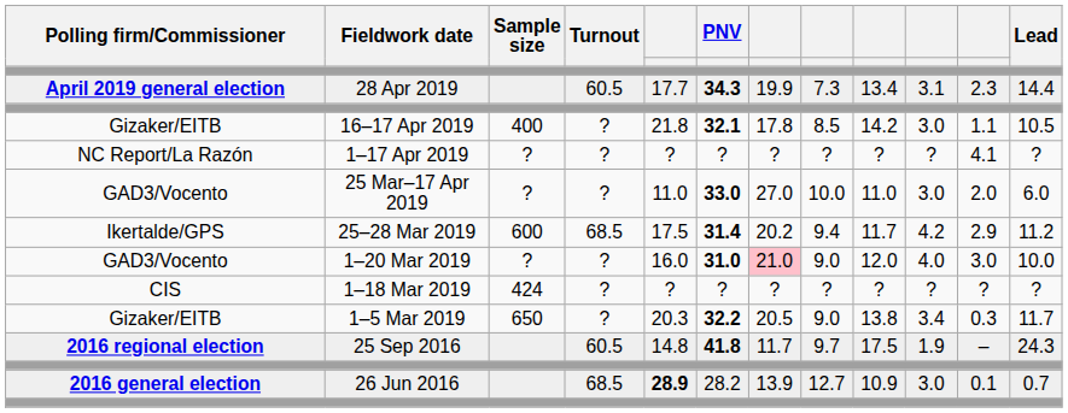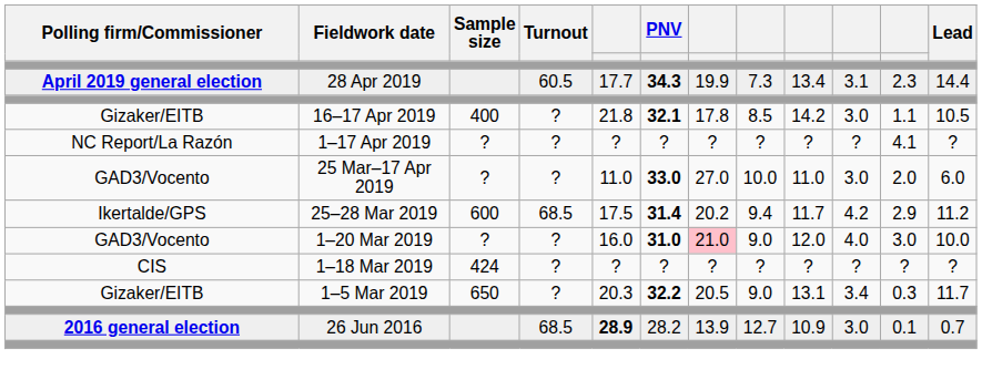 <table class="wikitable collapsible collapsed" style="text-align:center; font-size:95%; line-height:16px;">
 <tr style="height:42px;">
 <th style="width:250px;" rowspan="2">Polling firm/Commissioner</th>
 <th style="width:125px;" rowspan="2">Fieldwork date</th>
 <th style="width:50px;" rowspan="2">Sample size</th>
 <th style="width:45px;" rowspan="2">Turnout</th>
 <th style="width:35px;"></th>
 <th style="width:35px;"><a href='#'>PNV</a></th>
 <th style="width:35px;"></th>
 <th style="width:35px;"></th>
 <th style="width:35px;"></th>
 <th style="width:35px;"></th>
 <th style="width:35px;"></th>
 <th style="width:30px;" rowspan="2">Lead</th>
 </tr>
 <tr>
 <th style="color:inherit;background:"></th>
 <th style="color:inherit;background:"></th>
 <th style="color:inherit;background:"></th>
 <th style="color:inherit;background:"></th>
 <th style="color:inherit;background:"></th>
 <th style="color:inherit;background:"></th>
 <th style="color:inherit;background:"></th>
 </tr>
 <tr>
 <td colspan="12" style="background:#A0A0A0"></td>
 </tr>
 <tr style="background:#EFEFEF;">
 <td><strong><a href='#'>April 2019 general election</a></strong></td>
 <td>28 Apr 2019</td>
 <td></td>
 <td>60.5</td>
 <td>17.7<br></td>
 <td><strong>34.3</strong><br></td>
 <td>19.9<br></td>
 <td>7.3<br></td>
 <td>13.4<br></td>
 <td>3.1<br></td>
 <td>2.3<br></td>
 <td style="background:">14.4</td>
 </tr>
 <tr>
 <td colspan="12" style="background:#A0A0A0"></td>
 </tr>
 <tr>
 <td>Gizaker/EITB</td>
 <td>16–17 Apr 2019</td>
 <td>400</td>
 <td>?</td>
 <td>21.8<br></td>
 <td><strong>32.1</strong><br></td>
 <td>17.8<br></td>
 <td>8.5<br></td>
 <td>14.2<br></td>
 <td>3.0<br></td>
 <td>1.1<br></td>
 <td style="background:">10.5</td>
 </tr>
 <tr>
 <td>NC Report/La Razón</td>
 <td>1–17 Apr 2019</td>
 <td>?</td>
 <td>?</td>
 <td>?<br></td>
 <td>?<br></td>
 <td>?<br></td>
 <td>?<br></td>
 <td>?<br></td>
 <td>?<br></td>
 <td>4.1<br></td>
 <td style="background:">?</td>
 </tr>
 <tr>
 <td>GAD3/Vocento</td>
 <td>25 Mar–17 Apr 2019</td>
 <td>?</td>
 <td>?</td>
 <td>11.0<br></td>
 <td><strong>33.0</strong><br></td>
 <td>27.0<br></td>
 <td>10.0<br></td>
 <td>11.0<br></td>
 <td>3.0<br></td>
 <td>2.0<br></td>
 <td style="background:">6.0</td>
 </tr>
 <tr>
 <td>Ikertalde/GPS</td>
 <td>25–28 Mar 2019</td>
 <td>600</td>
 <td>68.5</td>
 <td>17.5<br></td>
 <td><strong>31.4</strong><br></td>
 <td>20.2<br></td>
 <td>9.4<br></td>
 <td>11.7<br></td>
 <td>4.2<br></td>
 <td>2.9<br></td>
 <td style="background:">11.2</td>
 </tr>
 <tr>
 <td>GAD3/Vocento</td>
 <td>1–20 Mar 2019</td>
 <td>?</td>
 <td>?</td>
 <td>16.0<br></td>
 <td><strong>31.0</strong><br></td>
 <td style="background: pink;">21.0<br></td>
 <td>9.0<br></td>
 <td>12.0<br></td>
 <td>4.0<br></td>
 <td>3.0<br></td>
 <td style="background:">10.0</td>
 </tr>
 <tr>
 <td>CIS</td>
 <td>1–18 Mar 2019</td>
 <td>424</td>
 <td>?</td>
 <td>?<br></td>
 <td>?<br></td>
 <td>?<br></td>
 <td>?<br></td>
 <td>?<br></td>
 <td>?<br></td>
 <td>?<br></td>
 <td style="background:">?</td>
 </tr>
 <tr>
 <td>Gizaker/EITB</td>
 <td>1–5 Mar 2019</td>
 <td>650</td>
 <td>?</td>
 <td>20.3<br></td>
 <td><strong>32.2</strong><br></td>
 <td>20.5<br></td>
 <td>9.0<br></td>
-<td>13.8<br></td>
+<td>13.1<br></td>
 <td>3.4<br></td>
 <td>0.3<br></td>
 <td style="background:">11.7</td>
-</tr>
-<tr style="background:#EFEFEF;">
-<td><strong><a href='#'>2016 regional election</a></strong></td>
-<td>25 Sep 2016</td>
-<td></td>
-<td>60.5</td>
-<td>14.8<br></td>
-<td><strong>41.8</strong><br></td>
-<td>11.7<br></td>
-<td>9.7<br></td>
-<td>17.5<br></td>
-<td>1.9<br></td>
-<td>–</td>
-<td style="background:">24.3</td>
 </tr>
 <tr>
 <td colspan="12" style="background:#A0A0A0"></td>
 </tr>
 <tr style="background:#EFEFEF;">
 <td><strong><a href='#'>2016 general election</a></strong></td>
 <td>26 Jun 2016</td>
 <td></td>
 <td>68.5</td>
 <td><strong>28.9</strong><br></td>
 <td>28.2<br></td>
 <td>13.9<br></td>
 <td>12.7<br></td>
 <td>10.9<br></td>
 <td>3.0<br></td>
 <td>0.1<br></td>
 <td style="background:">0.7</td>
 </tr>
 <tr>
 <td colspan="12" style="background:#A0A0A0"></td>
 </tr>
 </table>
